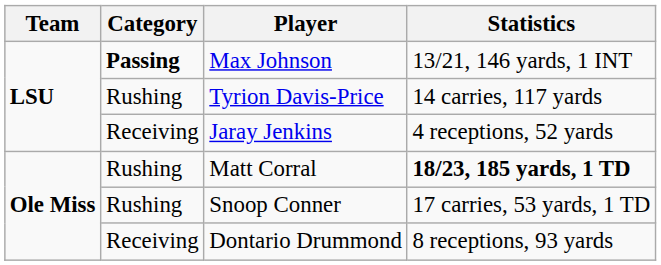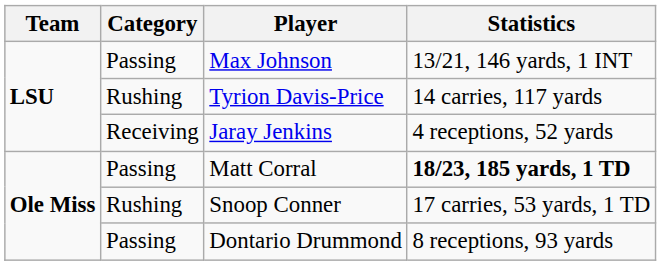 <table class="wikitable" style="float: right;">
 <tr>
 <th>Team</th>
 <th>Category</th>
 <th>Player</th>
 <th>Statistics</th>
 </tr>
 <tr>
 <td rowspan=3><strong>LSU</strong></td>
-<td><strong>Passing</strong></td>
+<td>Passing</td>
 <td><a href='#'>Max Johnson</a></td>
 <td>13/21, 146 yards, 1 INT</td>
 </tr>
 <tr>
 <td>Rushing</td>
 <td><a href='#'>Tyrion Davis-Price</a></td>
 <td>14 carries, 117 yards</td>
 </tr>
 <tr>
 <td>Receiving</td>
 <td><a href='#'>Jaray Jenkins</a></td>
 <td>4 receptions, 52 yards</td>
 </tr>
 <tr>
 <td rowspan=3><strong>Ole Miss</strong></td>
-<td>Rushing</td>
+<td>Passing</td>
 <td>Matt Corral</td>
 <td><strong>18/23, 185 yards, 1 TD</strong></td>
 </tr>
 <tr>
 <td>Rushing</td>
 <td>Snoop Conner</td>
 <td>17 carries, 53 yards, 1 TD</td>
 </tr>
 <tr>
-<td>Receiving</td>
+<td>Passing</td>
 <td>Dontario Drummond</td>
 <td>8 receptions, 93 yards</td>
 </tr>
 </table>
